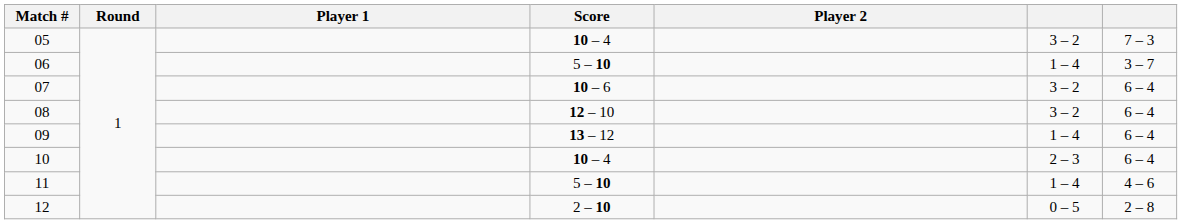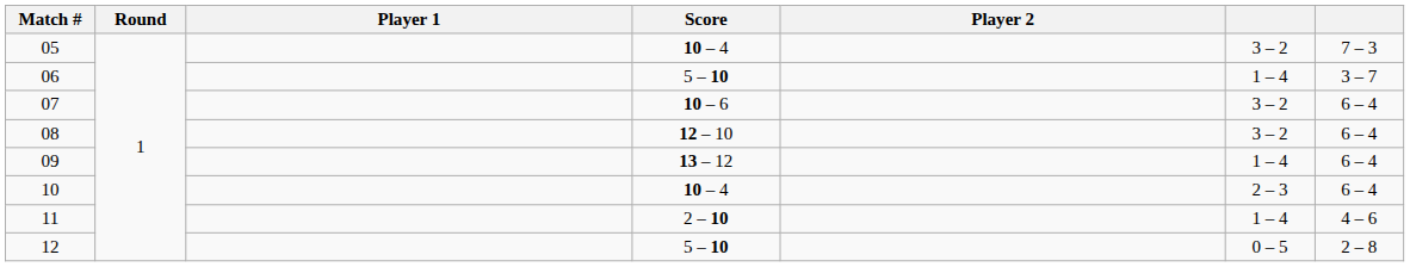 <table class="wikitable">
 <tr>
 <th width="2%">Match #</th>
 <th width="2%">Round</th>
 <th width="15%">Player 1</th>
 <th width="5%">Score</th>
 <th width="15%">Player 2</th>
 <th width="3%"></th>
 <th width="3%"></th>
 </tr>
 <tr style=text-align:center;"background:#;">
 <td>05</td>
 <td rowspan=8>1</td>
 <td></td>
 <td><strong>10</strong> – 4</td>
 <td></td>
 <td>3 – 2</td>
 <td>7 – 3</td>
 </tr>
 <tr style=text-align:center;"background:#;">
 <td>06</td>
 <td></td>
 <td>5 – <strong>10</strong></td>
 <td></td>
 <td>1 – 4</td>
 <td>3 – 7</td>
 </tr>
 <tr style=text-align:center;"background:#;">
 <td>07</td>
 <td></td>
 <td><strong>10</strong> – 6</td>
 <td></td>
 <td>3 – 2</td>
 <td>6 – 4</td>
 </tr>
 <tr style=text-align:center;"background:#;">
 <td>08</td>
 <td></td>
 <td><strong>12</strong> – 10</td>
 <td></td>
 <td>3 – 2</td>
 <td>6 – 4</td>
 </tr>
 <tr style=text-align:center;"background:#;">
 <td>09</td>
 <td></td>
 <td><strong>13</strong> – 12</td>
 <td></td>
 <td>1 – 4</td>
 <td>6 – 4</td>
 </tr>
 <tr style=text-align:center;"background:#;">
 <td>10</td>
 <td></td>
 <td><strong>10</strong> – 4</td>
 <td></td>
 <td>2 – 3</td>
 <td>6 – 4</td>
 </tr>
 <tr style=text-align:center;"background:#;">
 <td>11</td>
 <td></td>
-<td>5 – <strong>10</strong></td>
+<td>2 – <strong>10</strong></td>
 <td></td>
 <td>1 – 4</td>
 <td>4 – 6</td>
 </tr>
 <tr style=text-align:center;"background:#;">
 <td>12</td>
 <td></td>
-<td>2 – <strong>10</strong></td>
+<td>5 – <strong>10</strong></td>
 <td></td>
 <td>0 – 5</td>
 <td>2 – 8</td>
 </tr>
 </table>
